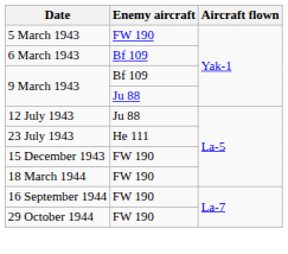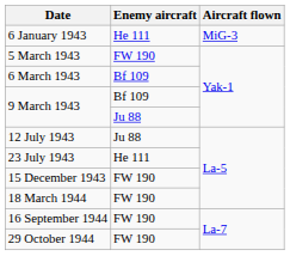 <table class="wikitable">
 <tr>
 <th>Date</th>
 <th>Enemy aircraft</th>
 <th>Aircraft flown</th>
+</tr>
+<tr>
+<td>6 January 1943</td>
+<td><a href='#'>He 111</a></td>
+<td><a href='#'>MiG-3</a></td>
 </tr>
 <tr>
 <td>5 March 1943</td>
 <td><a href='#'>FW 190</a></td>
 <td rowspan="4"><a href='#'>Yak-1</a></td>
 </tr>
 <tr>
 <td>6 March 1943</td>
 <td><a href='#'>Bf 109</a></td>
 </tr>
 <tr>
 <td rowspan="2">9 March 1943</td>
 <td>Bf 109</td>
 </tr>
 <tr>
 <td><a href='#'>Ju 88</a></td>
 </tr>
 <tr>
 <td>12 July 1943</td>
 <td>Ju 88</td>
 <td rowspan="4"><a href='#'>La-5</a></td>
 </tr>
 <tr>
 <td>23 July 1943</td>
 <td>He 111</td>
 </tr>
 <tr>
 <td>15 December 1943</td>
 <td>FW 190</td>
 </tr>
 <tr>
 <td>18 March 1944</td>
 <td>FW 190</td>
 </tr>
 <tr>
 <td>16 September 1944</td>
 <td>FW 190</td>
 <td rowspan="2"><a href='#'>La-7</a></td>
 </tr>
 <tr>
 <td>29 October 1944</td>
 <td>FW 190</td>
 </tr>
 </table>
